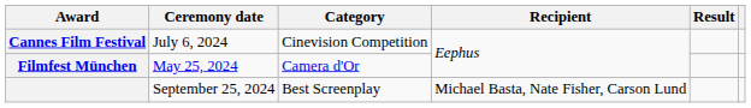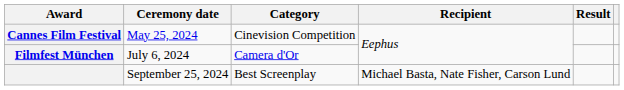 <table class="wikitable sortable plainrowheaders">
 <tr>
 <th scope="col">Award</th>
 <th scope="col">Ceremony date</th>
 <th scope="col">Category</th>
 <th scope="col">Recipient</th>
 <th scope="col">Result</th>
 <th scope="col" class="unsortable"></th>
 </tr>
 <tr>
 <th scope="row"><a href='#'>Cannes Film Festival</a></th>
-<td>July 6, 2024</td>
+<td><a href='#'>May 25, 2024</a></td>
 <td>Cinevision Competition</td>
 <td rowspan="2"><em>Eephus</em></td>
 <td></td>
 <td align="center"></td>
 </tr>
 <tr>
 <th scope="row"><a href='#'>Filmfest München</a></th>
-<td><a href='#'>May 25, 2024</a></td>
+<td>July 6, 2024</td>
 <td><a href='#'>Camera d'Or</a></td>
 <td></td>
 <td align="center"></td>
 </tr>
 <tr>
 <th scope="row"></th>
 <td>September 25, 2024</td>
 <td>Best Screenplay</td>
 <td>Michael Basta, Nate Fisher, Carson Lund</td>
 <td></td>
 <td align="center"></td>
 </tr>
 </table>
